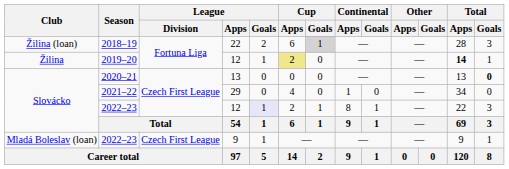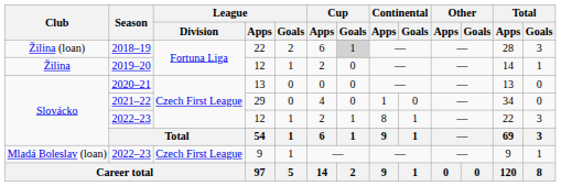 <table class="wikitable" style="text-align: center">
 <tr>
 <th rowspan="2">Club</th>
 <th rowspan="2">Season</th>
 <th colspan="3">League</th>
 <th colspan="2">Cup</th>
 <th colspan="2">Continental</th>
 <th colspan="2">Other</th>
 <th colspan="2">Total</th>
 </tr>
 <tr>
 <th>Division</th>
 <th>Apps</th>
 <th>Goals</th>
 <th>Apps</th>
 <th>Goals</th>
 <th>Apps</th>
 <th>Goals</th>
 <th>Apps</th>
 <th>Goals</th>
 <th>Apps</th>
 <th>Goals</th>
 </tr>
 <tr>
 <td><a href='#'>Žilina</a> (loan)</td>
 <td><a href='#'>2018–19</a></td>
 <td rowspan="2"><a href='#'>Fortuna Liga</a></td>
 <td>22</td>
 <td>2</td>
 <td>6</td>
 <td style="background: lightgrey;">1</td>
 <td colspan="2">—</td>
 <td colspan="2">—</td>
 <td>28</td>
 <td>3</td>
 </tr>
 <tr>
 <td><a href='#'>Žilina</a></td>
 <td><a href='#'>2019–20</a></td>
 <td>12</td>
 <td>1</td>
-<td style="background: khaki;">2</td>
+<td>2</td>
 <td>0</td>
 <td colspan="2">—</td>
 <td colspan="2">—</td>
-<td><strong>14</strong></td>
+<td>14</td>
 <td>1</td>
 </tr>
 <tr>
 <td rowspan="4"><a href='#'>Slovácko</a></td>
 <td><a href='#'>2020–21</a></td>
 <td rowspan="3"><a href='#'>Czech First League</a></td>
 <td>13</td>
 <td>0</td>
 <td>0</td>
 <td>0</td>
 <td colspan="2">—</td>
 <td colspan="2">—</td>
 <td>13</td>
-<td><strong>0</strong></td>
+<td>0</td>
 </tr>
 <tr>
 <td><a href='#'>2021–22</a></td>
 <td>29</td>
 <td>0</td>
 <td>4</td>
 <td>0</td>
 <td>1</td>
 <td>0</td>
 <td colspan="2">—</td>
 <td>34</td>
 <td>0</td>
 </tr>
 <tr>
 <td><a href='#'>2022–23</a></td>
 <td>12</td>
-<td style="background: lavender;">1</td>
+<td>1</td>
 <td>2</td>
 <td>1</td>
 <td>8</td>
 <td>1</td>
 <td colspan="2">—</td>
 <td>22</td>
 <td>3</td>
 </tr>
 <tr>
 <th colspan="2">Total</th>
 <th>54</th>
 <th>1</th>
 <th>6</th>
 <th>1</th>
 <th>9</th>
 <th>1</th>
 <th colspan="2">—</th>
 <th>69</th>
 <th>3</th>
 </tr>
 <tr>
 <td><a href='#'>Mladá Boleslav</a> (loan)</td>
 <td><a href='#'>2022–23</a></td>
 <td><a href='#'>Czech First League</a></td>
 <td>9</td>
 <td>1</td>
 <td colspan="2">—</td>
 <td colspan="2">—</td>
 <td colspan="2">—</td>
 <td>9</td>
 <td>1</td>
 </tr>
 <tr>
 <th colspan="3">Career total</th>
 <th>97</th>
 <th>5</th>
 <th>14</th>
 <th>2</th>
 <th>9</th>
 <th>1</th>
 <th>0</th>
 <th>0</th>
 <th>120</th>
 <th>8</th>
 </tr>
 </table>
